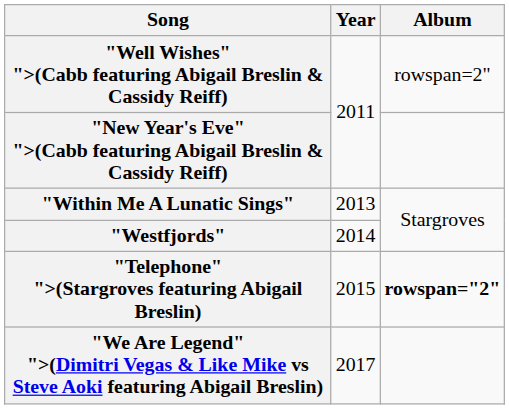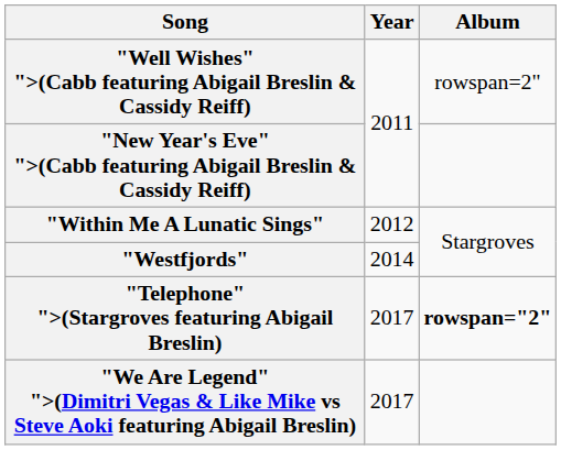 <table class="wikitable plainrowheaders" style="text-align:center;" border="1">
 <tr>
 <th scope="col" style="width:16em;">Song</th>
 <th scope="col">Year</th>
 <th scope="col">Album</th>
 </tr>
 <tr>
 <th scope="row">"Well Wishes"<br><span>">(Cabb featuring Abigail Breslin & Cassidy Reiff)</span></th>
 <td rowspan="2">2011</td>
 <td>rowspan=2" </td>
 </tr>
 <tr>
 <th scope="row">"New Year's Eve"<br><span>">(Cabb featuring Abigail Breslin & Cassidy Reiff)</span></th>
 </tr>
 <tr>
 <th scope="row">"Within Me A Lunatic Sings"</th>
-<td>2013</td>
+<td>2012</td>
 <td rowspan="2">Stargroves</td>
 </tr>
 <tr>
 <th scope="row">"Westfjords"</th>
 <td>2014</td>
 </tr>
 <tr>
 <th scope="row">"Telephone"<br><span>">(Stargroves  featuring Abigail Breslin)</span></th>
-<td>2015</td>
+<td>2017</td>
 <td><strong>rowspan="2" </strong></td>
 </tr>
 <tr>
 <th scope="row">"We Are Legend"<br><span>">(<a href='#'>Dimitri Vegas & Like Mike</a> vs <a href='#'>Steve Aoki</a> featuring Abigail Breslin) </span></th>
 <td>2017</td>
 </tr>
 </table>
